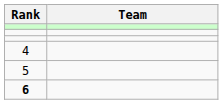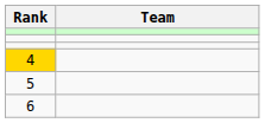 <table class="wikitable" style="text-align: center;">
 <tr>
 <th width=40>Rank</th>
 <th width=180>Team</th>
 </tr>
 <tr bgcolor=#CCFFCC>
 <td></td>
 <td style="text-align:left;"></td>
 </tr>
 <tr align=center>
 <td></td>
 <td style="text-align:left;"></td>
 </tr>
 <tr align=center>
 <td></td>
 <td style="text-align:left;"></td>
 </tr>
 <tr align=center>
-<td>4</td>
+<td style="background: gold;">4</td>
 <td style="text-align:left;"></td>
 </tr>
 <tr align=center>
 <td>5</td>
 <td style="text-align:left;"></td>
 </tr>
 <tr align=center>
-<td><strong>6</strong></td>
+<td>6</td>
 <td style="text-align:left;"></td>
 </tr>
 </table>
